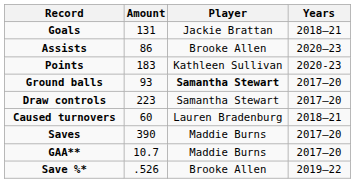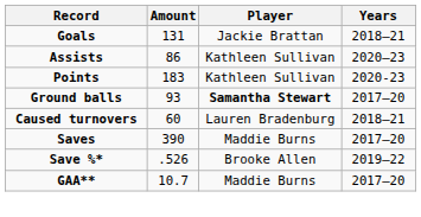 <table class="wikitable">
 <tr>
 <th style="width:140px; ">Record</th>
 <th style="width:35px; ">Amount</th>
 <th style="width:140px; ">Player</th>
 <th style="width:70px; ">Years</th>
 </tr>
 <tr style="text-align:center;">
 <td><strong>Goals</strong></td>
 <td>131</td>
 <td>Jackie Brattan</td>
 <td>2018–21</td>
 </tr>
 <tr style="text-align:center;">
 <td><strong>Assists</strong></td>
 <td>86</td>
-<td>Brooke Allen</td>
+<td>Kathleen Sullivan</td>
 <td>2020–23</td>
 </tr>
 <tr style="text-align:center;">
 <td><strong>Points</strong></td>
 <td>183</td>
 <td>Kathleen Sullivan</td>
 <td>2020-23</td>
 </tr>
 <tr style="text-align:center;">
 <td><strong>Ground balls</strong></td>
 <td>93</td>
 <td><strong>Samantha Stewart</strong></td>
 <td>2017–20</td>
 </tr>
 <tr style="text-align:center;">
-<td><strong>Draw controls</strong></td>
-<td>223</td>
-<td>Samantha Stewart</td>
-<td>2017–20</td>
-</tr>
-<tr style="text-align:center;">
 <td><strong>Caused turnovers</strong></td>
 <td>60</td>
 <td>Lauren Bradenburg</td>
 <td>2018–21</td>
 </tr>
 <tr style="text-align:center;">
 <td><strong>Saves</strong></td>
 <td>390</td>
 <td>Maddie Burns</td>
 <td>2017–20</td>
 </tr>
 <tr style="text-align:center;">
+<td><strong>Save %*</strong></td>
+<td>.526</td>
+<td>Brooke Allen</td>
+<td>2019–22</td>
+</tr>
+<tr style="text-align:center;">
 <td><strong>GAA**</strong></td>
 <td>10.7</td>
 <td>Maddie Burns</td>
 <td>2017–20</td>
 </tr>
-<tr style="text-align:center;">
-<td><strong>Save %*</strong></td>
-<td>.526</td>
-<td>Brooke Allen</td>
-<td>2019–22</td>
-</tr>
 </table>
